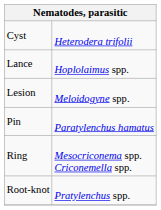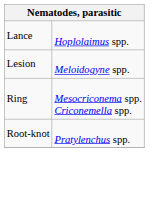 <table class="wikitable" style="clear">
 <tr>
 <th colspan=2><strong>Nematodes, parasitic</strong><br></th>
-</tr>
-<tr>
-<td>Cyst</td>
-<td><br><em><a href='#'>Heterodera trifolii</a></em></td>
 </tr>
 <tr>
 <td>Lance</td>
 <td><br><em><a href='#'>Hoplolaimus</a></em> spp.</td>
 </tr>
 <tr>
 <td>Lesion</td>
 <td><br><em><a href='#'>Meloidogyne</a></em> spp.</td>
-</tr>
-<tr>
-<td>Pin</td>
-<td><br><em><a href='#'>Paratylenchus hamatus</a></em></td>
 </tr>
 <tr>
 <td>Ring</td>
 <td><br><em><a href='#'>Mesocriconema</a></em> spp. <br>  <em><a href='#'>Criconemella</a></em> spp.</td>
 </tr>
 <tr>
 <td>Root-knot</td>
 <td><br><em><a href='#'>Pratylenchus</a></em> spp.</td>
 </tr>
 <tr>
 </tr>
 </table>
